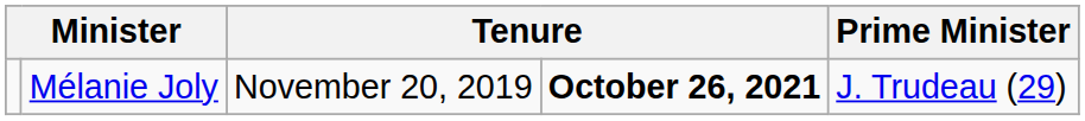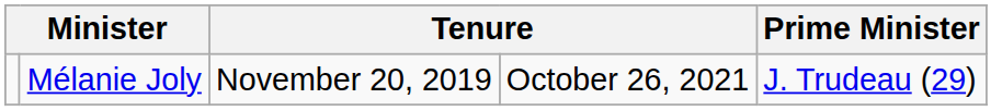 <table class="wikitable">
 <tr>
 <th colspan="2">Minister</th>
 <th colspan="2">Tenure</th>
 <th>Prime Minister</th>
 </tr>
 <tr>
 <td></td>
 <td><a href='#'>Mélanie Joly</a></td>
 <td>November 20, 2019</td>
-<td><strong>October 26, 2021</strong></td>
+<td>October 26, 2021</td>
 <td><a href='#'>J. Trudeau</a> (<a href='#'>29</a>)</td>
 </tr>
 </table>
